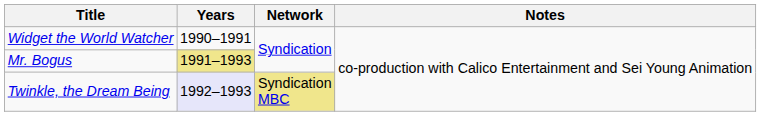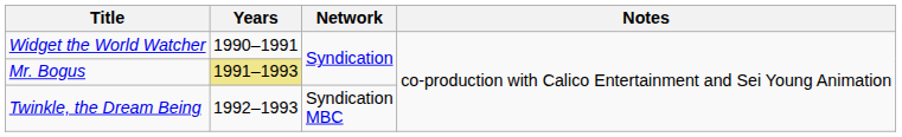 <table class="wikitable sortable">
 <tr>
 <th>Title</th>
 <th>Years</th>
 <th>Network</th>
 <th>Notes</th>
 </tr>
 <tr>
 <td><em><a href='#'>Widget the World Watcher</a></em></td>
 <td>1990–1991</td>
 <td rowspan="2"><a href='#'>Syndication</a></td>
 <td rowspan="3">co-production with Calico Entertainment and Sei Young Animation</td>
 </tr>
 <tr>
 <td><em><a href='#'>Mr. Bogus</a></em></td>
 <td style="background: khaki;">1991–1993</td>
 </tr>
 <tr>
 <td><em><a href='#'>Twinkle, the Dream Being</a></em></td>
-<td style="background: lavender;">1992–1993</td>
-<td style="background: khaki;">Syndication<br><a href='#'>MBC</a></td>
+<td>1992–1993</td>
+<td>Syndication<br><a href='#'>MBC</a></td>
 </tr>
 </table>
